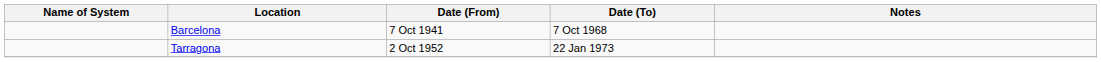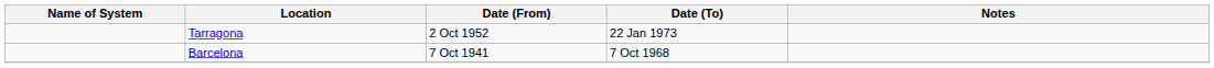 <table class="wikitable" width=100%>
 <tr>
 <th width=15%>Name of System</th>
 <th width=20%>Location</th>
 <th width=15%>Date (From)</th>
 <th width=15%>Date (To)</th>
 <th width=35%>Notes</th>
 </tr>
 <tr>
 <td> </td>
+<td><a href='#'>Tarragona</a></td>
+<td>2 Oct 1952</td>
+<td>22 Jan 1973</td>
+<td> </td>
+</tr>
+<tr>
+<td> </td>
 <td><a href='#'>Barcelona</a></td>
 <td>7 Oct 1941</td>
 <td>7 Oct 1968</td>
 <td> </td>
 </tr>
 <tr>
-<td> </td>
-<td><a href='#'>Tarragona</a></td>
-<td>2 Oct 1952</td>
-<td>22 Jan 1973</td>
-<td> </td>
-</tr>
-<tr>
 </tr>
 </table>
